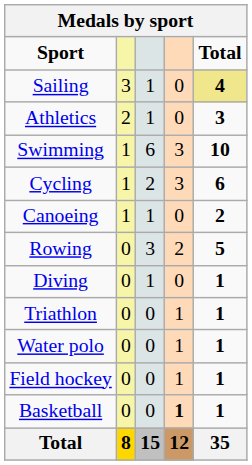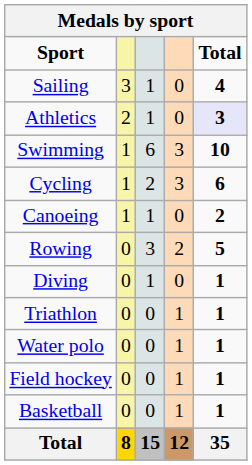 <table class="wikitable" style="font-size:85%">
 <tr style="background:#efefef;">
 <th colspan=7>Medals by sport</th>
 </tr>
 <tr align=center>
 <td><strong>Sport</strong></td>
 <td bgcolor=#f7f6a8></td>
 <td bgcolor=#dce5e5></td>
 <td bgcolor=#ffdab9></td>
 <td><strong>Total</strong></td>
 </tr>
 <tr align=center>
 <td><a href='#'>Sailing</a></td>
 <td style="background:#F7F6A8;">3</td>
 <td style="background:#DCE5E5;">1</td>
 <td style="background:#FFDAB9;">0</td>
-<td style="background: khaki;"><strong>4</strong></td>
+<td><strong>4</strong></td>
 </tr>
 <tr align=center>
 <td><a href='#'>Athletics</a></td>
 <td style="background:#F7F6A8;">2</td>
 <td style="background:#DCE5E5;">1</td>
 <td style="background:#FFDAB9;">0</td>
-<td><strong>3</strong></td>
+<td style="background: lavender;"><strong>3</strong></td>
 </tr>
 <tr align=center>
 <td><a href='#'>Swimming</a></td>
 <td style="background:#F7F6A8;">1</td>
 <td style="background:#DCE5E5;">6</td>
 <td style="background:#FFDAB9;">3</td>
 <td><strong>10</strong></td>
 </tr>
 <tr align=center>
 <td><a href='#'>Cycling</a></td>
 <td style="background:#F7F6A8;">1</td>
 <td style="background:#DCE5E5;">2</td>
 <td style="background:#FFDAB9;">3</td>
 <td><strong>6</strong></td>
 </tr>
 <tr align=center>
 <td><a href='#'>Canoeing</a></td>
 <td style="background:#F7F6A8;">1</td>
 <td style="background:#DCE5E5;">1</td>
 <td style="background:#FFDAB9;">0</td>
 <td><strong>2</strong></td>
 </tr>
 <tr align=center>
 <td><a href='#'>Rowing</a></td>
 <td style="background:#F7F6A8;">0</td>
 <td style="background:#DCE5E5;">3</td>
 <td style="background:#FFDAB9;">2</td>
 <td><strong>5</strong></td>
 </tr>
 <tr align=center>
 <td><a href='#'>Diving</a></td>
 <td style="background:#F7F6A8;">0</td>
 <td style="background:#DCE5E5;">1</td>
 <td style="background:#FFDAB9;">0</td>
 <td><strong>1</strong></td>
 </tr>
 <tr align=center>
 <td><a href='#'>Triathlon</a></td>
 <td style="background:#F7F6A8;">0</td>
 <td style="background:#DCE5E5;">0</td>
 <td style="background:#FFDAB9;">1</td>
 <td><strong>1</strong></td>
 </tr>
 <tr align=center>
 <td><a href='#'>Water polo</a></td>
 <td style="background:#F7F6A8;">0</td>
 <td style="background:#DCE5E5;">0</td>
 <td style="background:#FFDAB9;">1</td>
 <td><strong>1</strong></td>
 </tr>
 <tr align=center>
 <td><a href='#'>Field hockey</a></td>
 <td style="background:#F7F6A8;">0</td>
 <td style="background:#DCE5E5;">0</td>
 <td style="background:#FFDAB9;">1</td>
 <td><strong>1</strong></td>
 </tr>
 <tr align=center>
 <td><a href='#'>Basketball</a></td>
 <td style="background:#F7F6A8;">0</td>
 <td style="background:#DCE5E5;">0</td>
-<td style="background:#FFDAB9;"><strong>1</strong></td>
+<td style="background:#FFDAB9;">1</td>
 <td><strong>1</strong></td>
 </tr>
 <tr align=center>
 <th>Total</th>
 <th style="background:gold;">8</th>
 <th style="background:silver;">15</th>
 <th style="background:#c96;">12</th>
 <th>35</th>
 </tr>
 </table>
